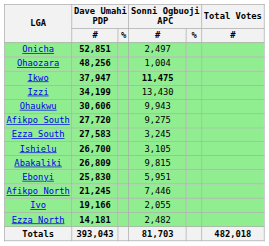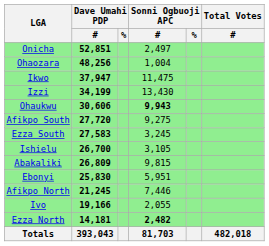 <table class="wikitable sortable" style=" font-size: 95%">
 <tr>
 <th rowspan="2">LGA</th>
 <th colspan="2">Dave Umahi<br>PDP</th>
 <th colspan="2">Sonni Ogbuoji<br>APC</th>
 <th>Total Votes</th>
 </tr>
 <tr>
 <th>#</th>
 <th>%</th>
 <th>#</th>
 <th>%</th>
 <th>#</th>
 </tr>
 <tr>
 <td bgcolor=#90EE90 align="center"><a href='#'>Onicha</a></td>
 <td bgcolor=#90EE90 align="center"><strong>52,851</strong></td>
 <td bgcolor=#90EE90 align="center"></td>
 <td bgcolor=#90EE90 align="center">2,497</td>
 <td bgcolor=#90EE90 align="center"></td>
 <td bgcolor=#90EE90 align="center"></td>
 </tr>
 <tr>
 <td bgcolor=#90EE90 align="center"><a href='#'>Ohaozara</a></td>
 <td bgcolor=#90EE90 align="center"><strong>48,256</strong></td>
 <td bgcolor=#90EE90 align="center"></td>
 <td bgcolor=#90EE90 align="center">1,004</td>
 <td bgcolor=#90EE90 align="center"></td>
 <td bgcolor=#90EE90 align="center"></td>
 </tr>
 <tr>
 <td bgcolor=#90EE90 align="center"><a href='#'>Ikwo</a></td>
 <td bgcolor=#90EE90 align="center"><strong>37,947</strong></td>
 <td bgcolor=#90EE90 align="center"></td>
-<td bgcolor=#90EE90 align="center"><strong>11,475</strong></td>
+<td bgcolor=#90EE90 align="center">11,475</td>
 <td bgcolor=#90EE90 align="center"></td>
 <td bgcolor=#90EE90 align="center"></td>
 </tr>
 <tr>
 <td bgcolor=#90EE90 align="center"><a href='#'>Izzi</a></td>
 <td bgcolor=#90EE90 align="center"><strong>34,199</strong></td>
 <td bgcolor=#90EE90 align="center"></td>
 <td bgcolor=#90EE90 align="center">13,430</td>
 <td bgcolor=#90EE90 align="center"></td>
 <td bgcolor=#90EE90 align="center"></td>
 </tr>
 <tr>
 <td bgcolor=#90EE90 align="center"><a href='#'>Ohaukwu</a></td>
 <td bgcolor=#90EE90 align="center"><strong>30,606</strong></td>
 <td bgcolor=#90EE90 align="center"></td>
-<td bgcolor=#90EE90 align="center">9,943</td>
+<td bgcolor=#90EE90 align="center"><strong>9,943</strong></td>
 <td bgcolor=#90EE90 align="center"></td>
 <td bgcolor=#90EE90 align="center"></td>
 </tr>
 <tr>
 <td bgcolor=#90EE90 align="center"><a href='#'>Afikpo South</a></td>
 <td bgcolor=#90EE90 align="center"><strong>27,720</strong></td>
 <td bgcolor=#90EE90 align="center"></td>
 <td bgcolor=#90EE90 align="center">9,275</td>
 <td bgcolor=#90EE90 align="center"></td>
 <td bgcolor=#90EE90 align="center"></td>
 </tr>
 <tr>
 <td bgcolor=#90EE90 align="center"><a href='#'>Ezza South</a></td>
 <td bgcolor=#90EE90 align="center"><strong>27,583</strong></td>
 <td bgcolor=#90EE90 align="center"></td>
 <td bgcolor=#90EE90 align="center">3,245</td>
 <td bgcolor=#90EE90 align="center"></td>
 <td bgcolor=#90EE90 align="center"></td>
 </tr>
 <tr>
 <td bgcolor=#90EE90 align="center"><a href='#'>Ishielu</a></td>
 <td bgcolor=#90EE90 align="center"><strong>26,700</strong></td>
 <td bgcolor=#90EE90 align="center"></td>
 <td bgcolor=#90EE90 align="center">3,105</td>
 <td bgcolor=#90EE90 align="center"></td>
 <td bgcolor=#90EE90 align="center"></td>
 </tr>
 <tr>
 <td bgcolor=#90EE90 align="center"><a href='#'>Abakaliki</a></td>
 <td bgcolor=#90EE90 align="center"><strong>26,809</strong></td>
 <td bgcolor=#90EE90 align="center"></td>
 <td bgcolor=#90EE90 align="center">9,815</td>
 <td bgcolor=#90EE90 align="center"></td>
 <td bgcolor=#90EE90 align="center"></td>
 </tr>
 <tr>
 <td bgcolor=#90EE90 align="center"><a href='#'>Ebonyi</a></td>
 <td bgcolor=#90EE90 align="center"><strong>25,830</strong></td>
 <td bgcolor=#90EE90 align="center"></td>
 <td bgcolor=#90EE90 align="center">5,951</td>
 <td bgcolor=#90EE90 align="center"></td>
 <td bgcolor=#90EE90 align="center"></td>
 </tr>
 <tr>
 <td bgcolor=#90EE90 align="center"><a href='#'>Afikpo North</a></td>
 <td bgcolor=#90EE90 align="center"><strong>21,245</strong></td>
 <td bgcolor=#90EE90 align="center"></td>
 <td bgcolor=#90EE90 align="center">7,446</td>
 <td bgcolor=#90EE90 align="center"></td>
 <td bgcolor=#90EE90 align="center"></td>
 </tr>
 <tr>
 <td bgcolor=#90EE90 align="center"><a href='#'>Ivo</a></td>
 <td bgcolor=#90EE90 align="center"><strong>19,166</strong></td>
 <td bgcolor=#90EE90 align="center"></td>
 <td bgcolor=#90EE90 align="center">2,055</td>
 <td bgcolor=#90EE90 align="center"></td>
 <td bgcolor=#90EE90 align="center"></td>
 </tr>
 <tr>
 <td bgcolor=#90EE90 align="center"><a href='#'>Ezza North</a></td>
 <td bgcolor=#90EE90 align="center"><strong>14,181</strong></td>
 <td bgcolor=#90EE90 align="center"></td>
-<td bgcolor=#90EE90 align="center">2,482</td>
+<td bgcolor=#90EE90 align="center"><strong>2,482</strong></td>
 <td bgcolor=#90EE90 align="center"></td>
 <td bgcolor=#90EE90 align="center"></td>
 </tr>
 <tr>
 <th>Totals</th>
 <th><strong>393,043</strong></th>
 <th></th>
 <th><strong>81,703</strong></th>
 <th></th>
 <th>482,018</th>
 </tr>
 </table>
